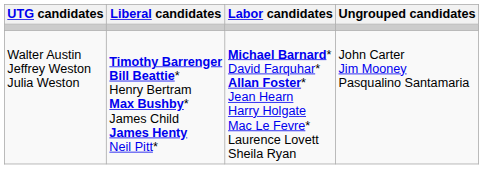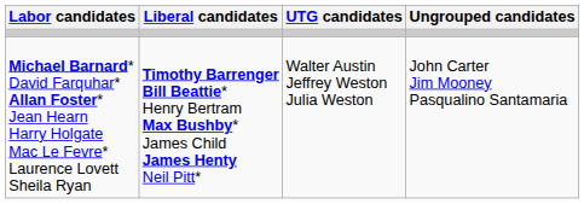 <table class="wikitable">
 <tr>
+<th><a href='#'>Labor</a> candidates</th>
+<th><a href='#'>Liberal</a> candidates</th>
 <th><a href='#'>UTG</a> candidates</th>
-<th><a href='#'>Liberal</a> candidates</th>
-<th><a href='#'>Labor</a> candidates</th>
 <th>Ungrouped candidates</th>
 </tr>
 <tr bgcolor="#cccccc">
 <td></td>
 <td></td>
 <td></td>
 <td></td>
 </tr>
 <tr>
+<td><br><strong><a href='#'>Michael Barnard</a></strong>*<br> <a href='#'>David Farquhar</a>*<br> <strong><a href='#'>Allan Foster</a></strong>*<br> <a href='#'>Jean Hearn</a><br> <a href='#'>Harry Holgate</a><br> <a href='#'>Mac Le Fevre</a>*<br> Laurence Lovett<br> Sheila Ryan</td>
+<td><br><strong><a href='#'>Timothy Barrenger</a></strong><br> <strong><a href='#'>Bill Beattie</a></strong>*<br> Henry Bertram<br> <strong><a href='#'>Max Bushby</a></strong>*<br> James Child<br> <strong><a href='#'>James Henty</a></strong><br> <a href='#'>Neil Pitt</a>*</td>
 <td valign=top><br>Walter Austin<br> Jeffrey Weston<br> Julia Weston</td>
-<td><br><strong><a href='#'>Timothy Barrenger</a></strong><br> <strong><a href='#'>Bill Beattie</a></strong>*<br> Henry Bertram<br> <strong><a href='#'>Max Bushby</a></strong>*<br> James Child<br> <strong><a href='#'>James Henty</a></strong><br> <a href='#'>Neil Pitt</a>*</td>
-<td><br><strong><a href='#'>Michael Barnard</a></strong>*<br> <a href='#'>David Farquhar</a>*<br> <strong><a href='#'>Allan Foster</a></strong>*<br> <a href='#'>Jean Hearn</a><br> <a href='#'>Harry Holgate</a><br> <a href='#'>Mac Le Fevre</a>*<br> Laurence Lovett<br> Sheila Ryan</td>
 <td valign=top><br>John Carter<br> <a href='#'>Jim Mooney</a><br> Pasqualino Santamaria</td>
 </tr>
 </table>
